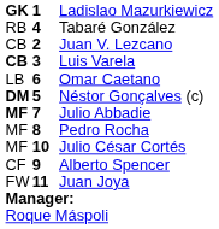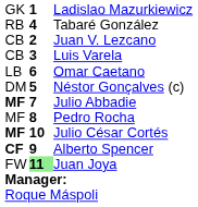 <table cellspacing="0" cellpadding="0" style="font-size:90%; margin:0.2em auto;">
 <tr>
 <th width="25"></th>
 <th width="25"></th>
 </tr>
 <tr>
-<td><strong>GK</strong></td>
+<td>GK</td>
 <td><strong>1</strong></td>
 <td> <a href='#'>Ladislao Mazurkiewicz</a></td>
 </tr>
 <tr>
 <td>RB</td>
 <td><strong>4</strong></td>
 <td> Tabaré González</td>
 </tr>
 <tr>
 <td>CB</td>
 <td><strong>2</strong></td>
 <td> <a href='#'>Juan V. Lezcano</a></td>
 </tr>
 <tr>
-<td><strong>CB</strong></td>
+<td>CB</td>
 <td><strong>3</strong></td>
 <td> <a href='#'>Luis Varela</a></td>
 </tr>
 <tr>
 <td>LB</td>
 <td><strong>6</strong></td>
 <td> <a href='#'>Omar Caetano</a></td>
 </tr>
 <tr>
-<td><strong>DM</strong></td>
+<td>DM</td>
 <td><strong>5</strong></td>
 <td> <a href='#'>Néstor Gonçalves</a> (c)</td>
 </tr>
 <tr>
 <td><strong>MF</strong></td>
 <td><strong>7</strong></td>
 <td> <a href='#'>Julio Abbadie</a></td>
 </tr>
 <tr>
 <td>MF</td>
 <td><strong>8</strong></td>
 <td> <a href='#'>Pedro Rocha</a></td>
 </tr>
 <tr>
-<td>MF</td>
+<td><strong>MF</strong></td>
 <td><strong>10</strong></td>
 <td> <a href='#'>Julio César Cortés</a></td>
 </tr>
 <tr>
-<td>CF</td>
+<td><strong>CF</strong></td>
 <td><strong>9</strong></td>
 <td> <a href='#'>Alberto Spencer</a></td>
 </tr>
 <tr>
 <td>FW</td>
-<td><strong>11</strong></td>
+<td style="background: lightgreen;"><strong>11</strong></td>
 <td> <a href='#'>Juan Joya</a></td>
 </tr>
 <tr>
 <td colspan=3><strong>Manager:</strong></td>
 </tr>
 <tr>
 <td colspan=4> <a href='#'>Roque Máspoli</a></td>
 </tr>
 </table>
